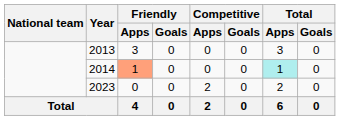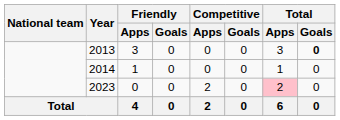 <table class="wikitable" style="text-align:center; font-size:90%;">
 <tr>
 <th rowspan="2">National team</th>
 <th rowspan="2">Year</th>
 <th colspan="2">Friendly</th>
 <th colspan="2">Competitive</th>
 <th colspan="3">Total</th>
 </tr>
 <tr>
 <th>Apps</th>
 <th>Goals</th>
 <th>Apps</th>
 <th>Goals</th>
 <th>Apps</th>
 <th>Goals</th>
 </tr>
 <tr>
 <td rowspan="3" align="left"></td>
 <td>2013</td>
 <td>3</td>
 <td>0</td>
 <td>0</td>
 <td>0</td>
 <td>3</td>
-<td>0</td>
+<td><strong>0</strong></td>
 </tr>
 <tr>
 <td>2014</td>
-<td style="background: lightsalmon;">1</td>
+<td>1</td>
 <td>0</td>
 <td>0</td>
 <td>0</td>
-<td style="background: paleturquoise;">1</td>
+<td>1</td>
 <td>0</td>
 </tr>
 <tr>
 <td>2023</td>
 <td>0</td>
 <td>0</td>
 <td>2</td>
 <td>0</td>
-<td>2</td>
+<td style="background: pink;">2</td>
 <td>0</td>
 </tr>
 <tr>
 <th colspan="2">Total</th>
 <th>4</th>
 <th>0</th>
 <th>2</th>
 <th>0</th>
 <th>6</th>
 <th>0</th>
 </tr>
 </table>
